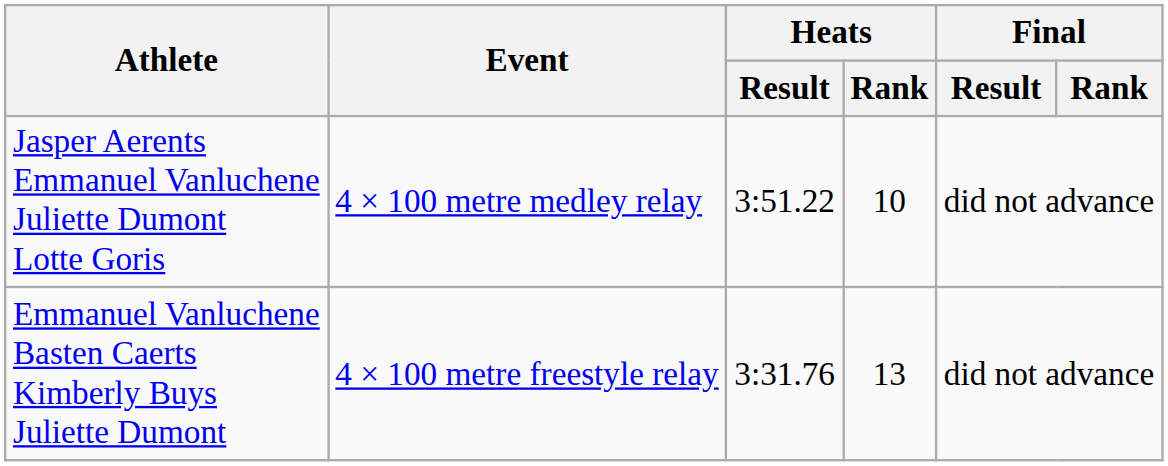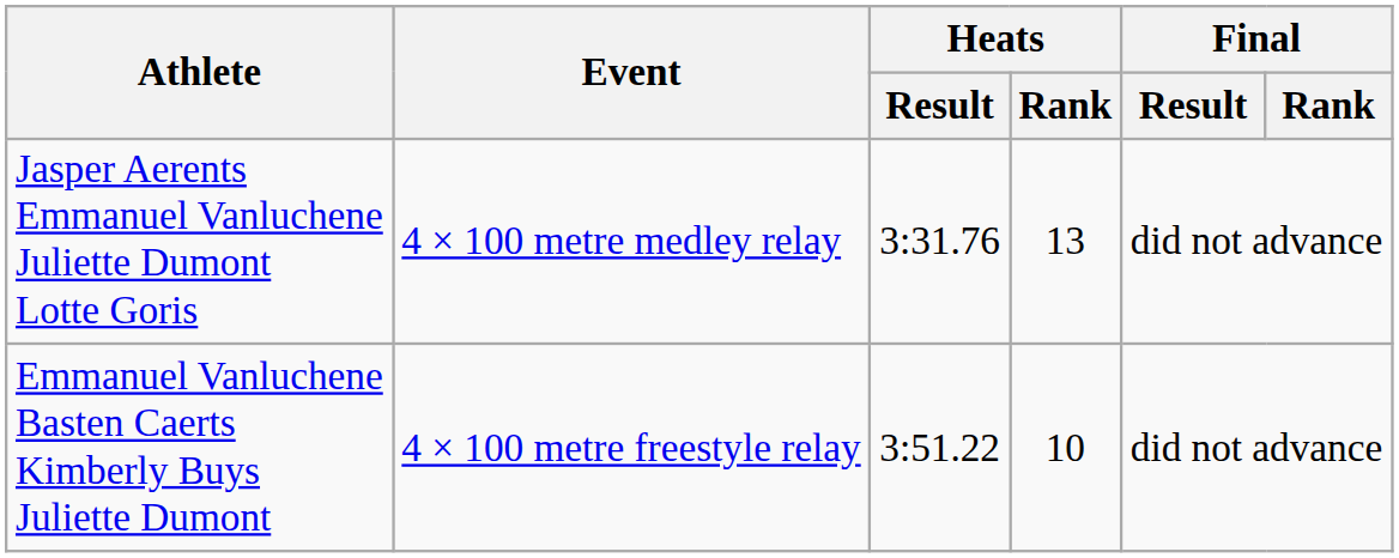 <table class="wikitable" border="1" style="font-size:90%; text-align:center">
 <tr>
 <th rowspan="2">Athlete</th>
 <th rowspan="2">Event</th>
 <th colspan="2">Heats</th>
 <th colspan="2">Final</th>
 </tr>
 <tr>
 <th>Result</th>
 <th>Rank</th>
 <th>Result</th>
 <th>Rank</th>
 </tr>
 <tr>
 <td align="left"><a href='#'>Jasper Aerents</a><br><a href='#'>Emmanuel Vanluchene</a><br><a href='#'>Juliette Dumont</a><br><a href='#'>Lotte Goris</a></td>
 <td align="left"><a href='#'>4 × 100 metre medley relay</a></td>
-<td>3:51.22</td>
-<td>10</td>
+<td>3:31.76</td>
+<td>13</td>
 <td colspan=2>did not advance</td>
 </tr>
 <tr>
 <td align="left"><a href='#'>Emmanuel Vanluchene</a><br><a href='#'>Basten Caerts</a><br><a href='#'>Kimberly Buys</a><br><a href='#'>Juliette Dumont</a></td>
 <td align="left"><a href='#'>4 × 100 metre freestyle relay</a></td>
-<td>3:31.76</td>
-<td>13</td>
+<td>3:51.22</td>
+<td>10</td>
 <td colspan=2>did not advance</td>
 </tr>
 </table>
